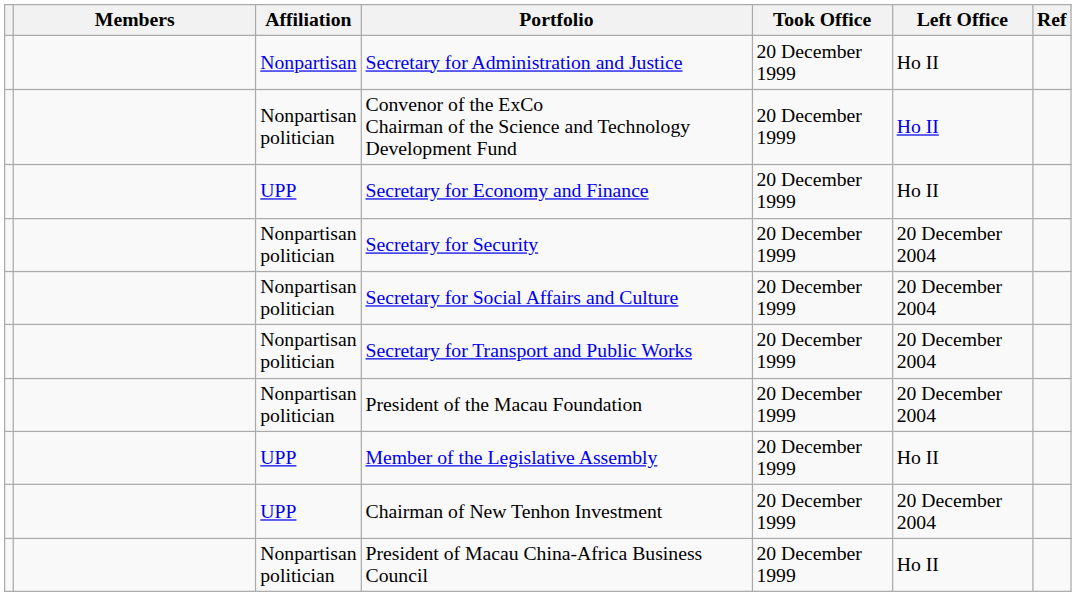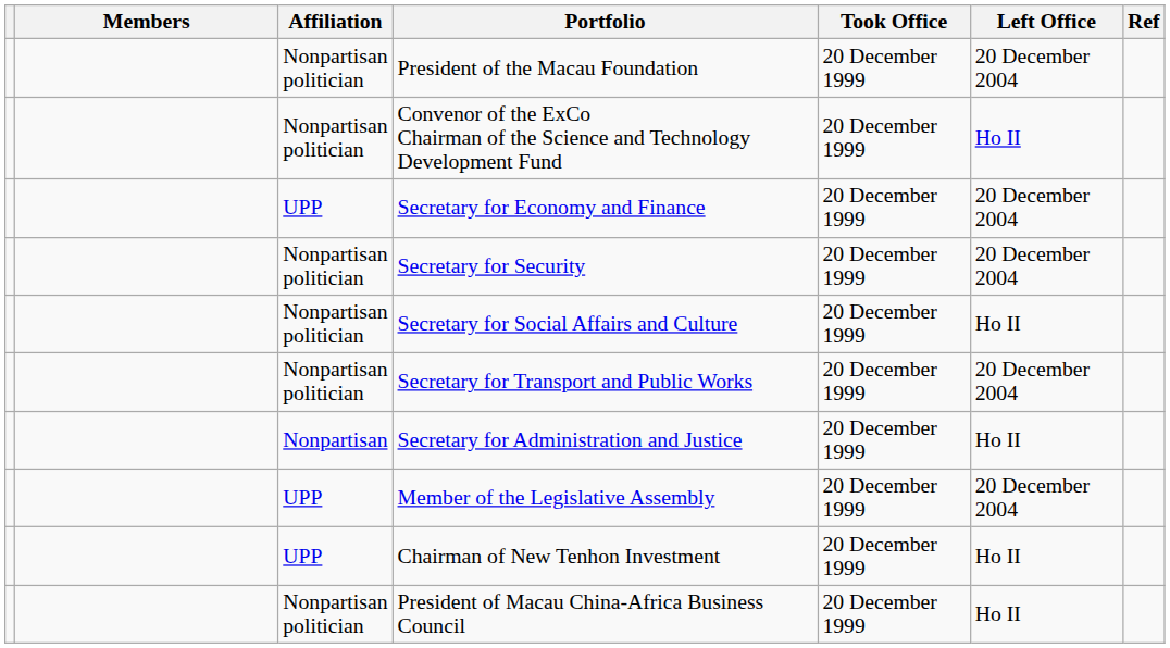 <table class="wikitable">
 <tr>
 <th class="unsortable"></th>
 <th width="230px">Members</th>
 <th width="50px">Affiliation</th>
 <th width="380px">Portfolio</th>
 <th width="120px">Took Office</th>
 <th width="120px">Left Office</th>
 <th>Ref</th>
 </tr>
 <tr>
 <td></td>
 <td><strong></strong></td>
-<td><a href='#'>Nonpartisan</a></td>
-<td><a href='#'>Secretary for Administration and Justice</a></td>
+<td>Nonpartisan politician</td>
+<td>President of the Macau Foundation</td>
 <td>20 December 1999</td>
-<td>Ho II</td>
+<td>20 December 2004</td>
 <td></td>
 </tr>
 <tr>
 <td></td>
 <td><strong></strong></td>
 <td>Nonpartisan politician</td>
 <td>Convenor of the ExCo<br>Chairman of the Science and Technology Development Fund</td>
 <td>20 December 1999</td>
 <td><a href='#'>Ho II</a></td>
 <td></td>
 </tr>
 <tr>
 <td></td>
 <td><strong></strong></td>
 <td><a href='#'>UPP</a></td>
 <td><a href='#'>Secretary for Economy and Finance</a></td>
 <td>20 December 1999</td>
-<td>Ho II</td>
+<td>20 December 2004</td>
 <td></td>
 </tr>
 <tr>
 <td></td>
 <td><strong></strong></td>
 <td>Nonpartisan politician</td>
 <td><a href='#'>Secretary for Security</a></td>
 <td>20 December 1999</td>
 <td>20 December 2004</td>
 <td></td>
 </tr>
 <tr>
 <td></td>
 <td><strong></strong></td>
 <td>Nonpartisan politician</td>
 <td><a href='#'>Secretary for Social Affairs and Culture</a></td>
 <td>20 December 1999</td>
-<td>20 December 2004</td>
+<td>Ho II</td>
 <td></td>
 </tr>
 <tr>
 <td></td>
 <td><strong></strong></td>
 <td>Nonpartisan politician</td>
 <td><a href='#'>Secretary for Transport and Public Works</a></td>
 <td>20 December 1999</td>
 <td>20 December 2004</td>
 <td></td>
 </tr>
 <tr>
 <td></td>
 <td><strong></strong></td>
-<td>Nonpartisan politician</td>
-<td>President of the Macau Foundation</td>
+<td><a href='#'>Nonpartisan</a></td>
+<td><a href='#'>Secretary for Administration and Justice</a></td>
+<td>20 December 1999</td>
+<td>Ho II</td>
+<td></td>
+</tr>
+<tr>
+<td></td>
+<td><strong></strong></td>
+<td><a href='#'>UPP</a></td>
+<td><a href='#'>Member of the Legislative Assembly</a></td>
 <td>20 December 1999</td>
 <td>20 December 2004</td>
 <td></td>
 </tr>
 <tr>
 <td></td>
 <td><strong></strong></td>
 <td><a href='#'>UPP</a></td>
-<td><a href='#'>Member of the Legislative Assembly</a></td>
+<td>Chairman of New Tenhon Investment</td>
 <td>20 December 1999</td>
 <td>Ho II</td>
-<td></td>
-</tr>
-<tr>
-<td></td>
-<td><strong></strong></td>
-<td><a href='#'>UPP</a></td>
-<td>Chairman of New Tenhon Investment</td>
-<td>20 December 1999</td>
-<td>20 December 2004</td>
 <td></td>
 </tr>
 <tr>
 <td></td>
 <td><strong></strong></td>
 <td>Nonpartisan politician</td>
 <td>President of Macau China-Africa Business Council</td>
 <td>20 December 1999</td>
 <td>Ho II</td>
 <td></td>
 </tr>
 </table>
